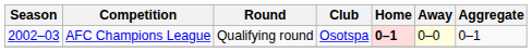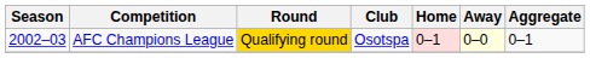 <table class="wikitable">
 <tr>
 <th>Season</th>
 <th>Competition</th>
 <th>Round</th>
 <th>Club</th>
 <th>Home</th>
 <th>Away</th>
 <th>Aggregate</th>
 </tr>
 <tr>
 <td><a href='#'>2002–03</a></td>
 <td><a href='#'>AFC Champions League</a></td>
-<td>Qualifying round</td>
+<td style="background: gold;">Qualifying round</td>
 <td> <a href='#'>Osotspa</a></td>
-<td style="background:#fdd;"><strong>0–1</strong></td>
+<td style="background:#fdd;">0–1</td>
 <td style="background:#ffd;">0–0</td>
 <td>0–1</td>
 </tr>
 <tr>
 </tr>
 </table>
